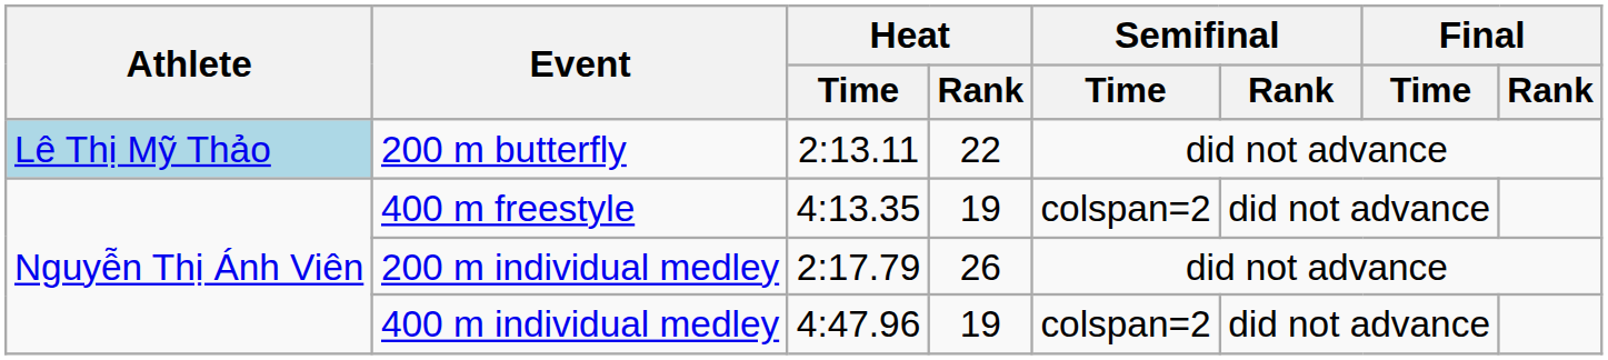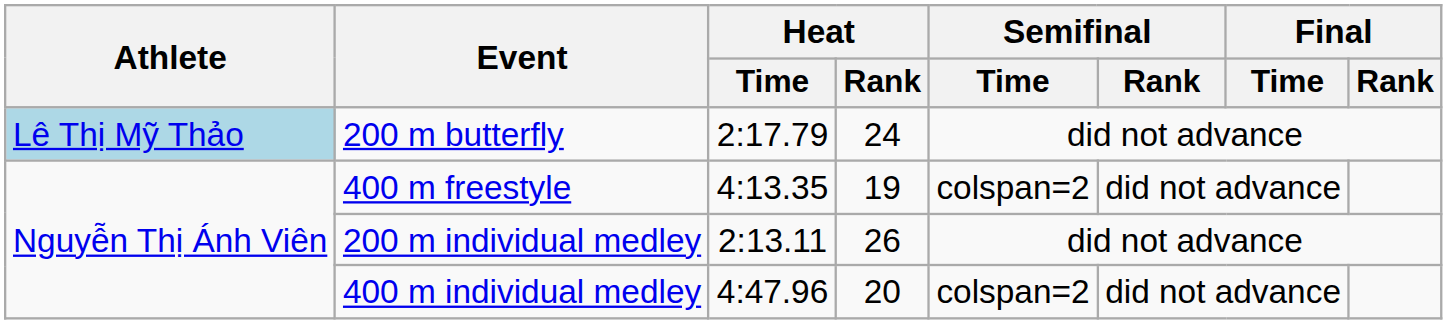 <table class="wikitable" style="text-align:center; font-size:90%">
 <tr>
 <th rowspan="2">Athlete</th>
 <th rowspan="2">Event</th>
 <th colspan="2">Heat</th>
 <th colspan="2">Semifinal</th>
 <th colspan="2">Final</th>
 </tr>
 <tr style="font-size:95%">
 <th>Time</th>
 <th>Rank</th>
 <th>Time</th>
 <th>Rank</th>
 <th>Time</th>
 <th>Rank</th>
 </tr>
 <tr>
 <td align=left style="background: lightblue;"><a href='#'>Lê Thị Mỹ Thảo</a></td>
 <td align=left><a href='#'>200 m butterfly</a></td>
-<td>2:13.11</td>
-<td>22</td>
+<td>2:17.79</td>
+<td>24</td>
 <td colspan=4>did not advance</td>
 </tr>
 <tr>
 <td align=left rowspan=3><a href='#'>Nguyễn Thị Ánh Viên</a></td>
 <td align=left><a href='#'>400 m freestyle</a></td>
 <td>4:13.35</td>
 <td>19</td>
 <td>colspan=2 </td>
 <td colspan=2>did not advance</td>
 </tr>
 <tr>
 <td align=left><a href='#'>200 m individual medley</a></td>
-<td>2:17.79</td>
+<td>2:13.11</td>
 <td>26</td>
 <td colspan=4>did not advance</td>
 </tr>
 <tr>
 <td align=left><a href='#'>400 m individual medley</a></td>
 <td>4:47.96</td>
-<td>19</td>
+<td>20</td>
 <td>colspan=2 </td>
 <td colspan=2>did not advance</td>
 </tr>
 </table>
